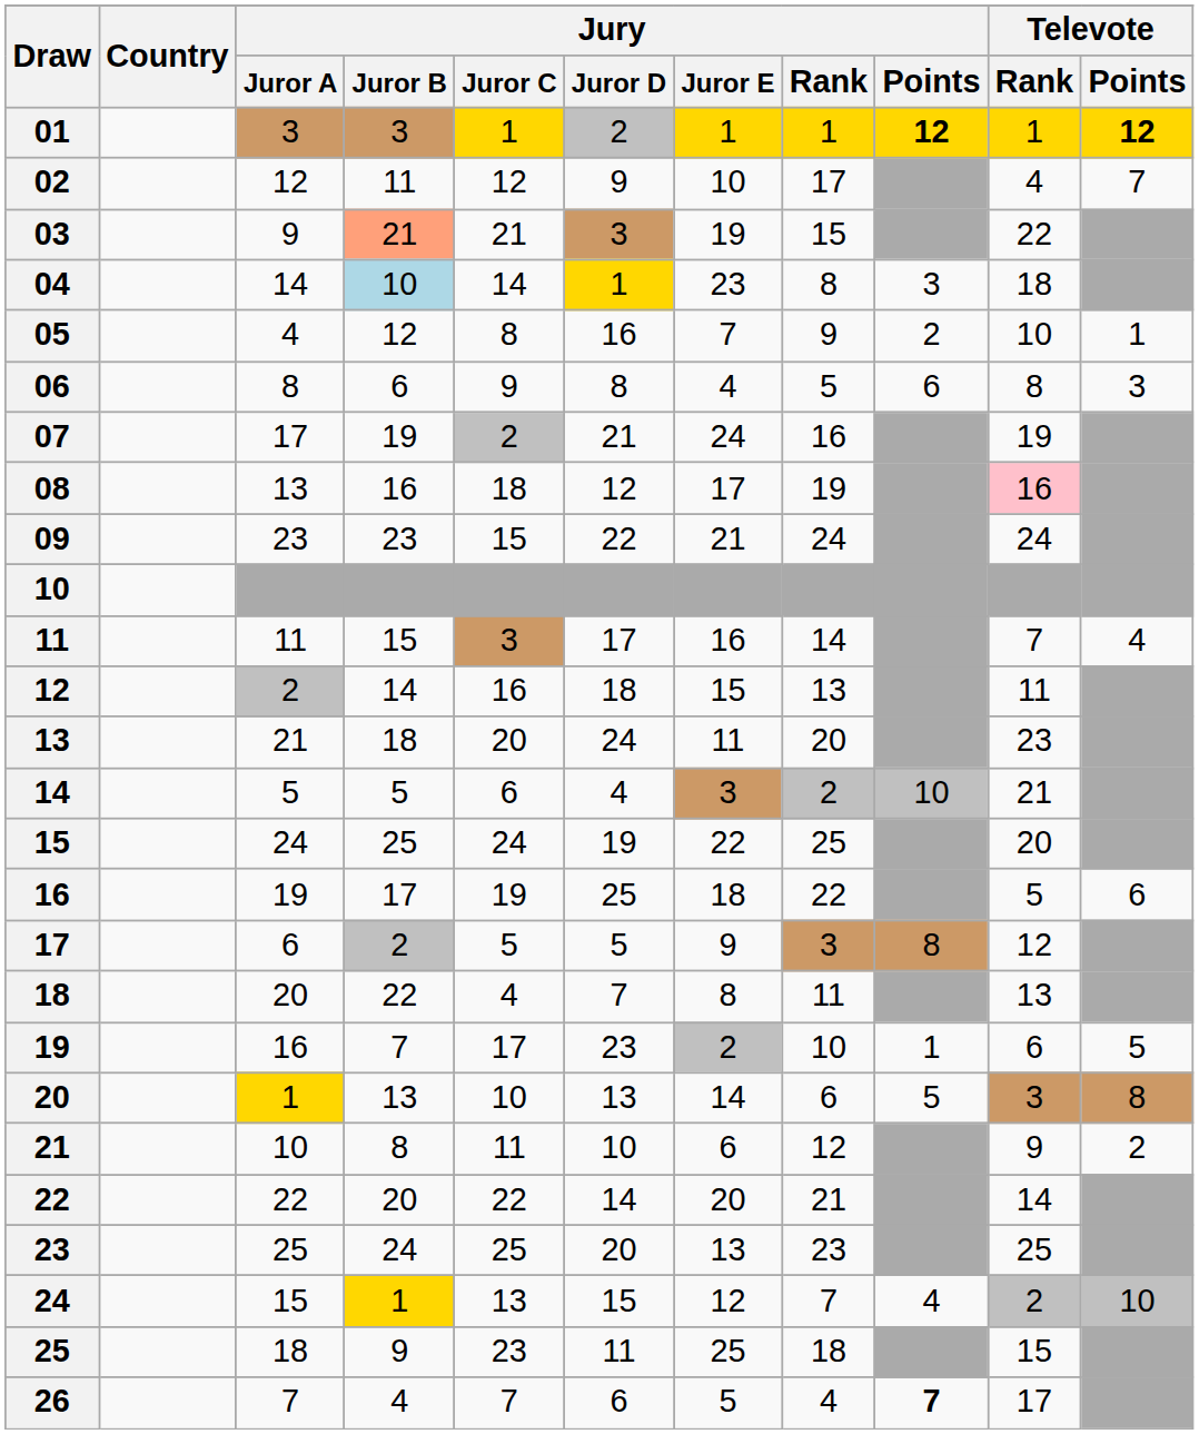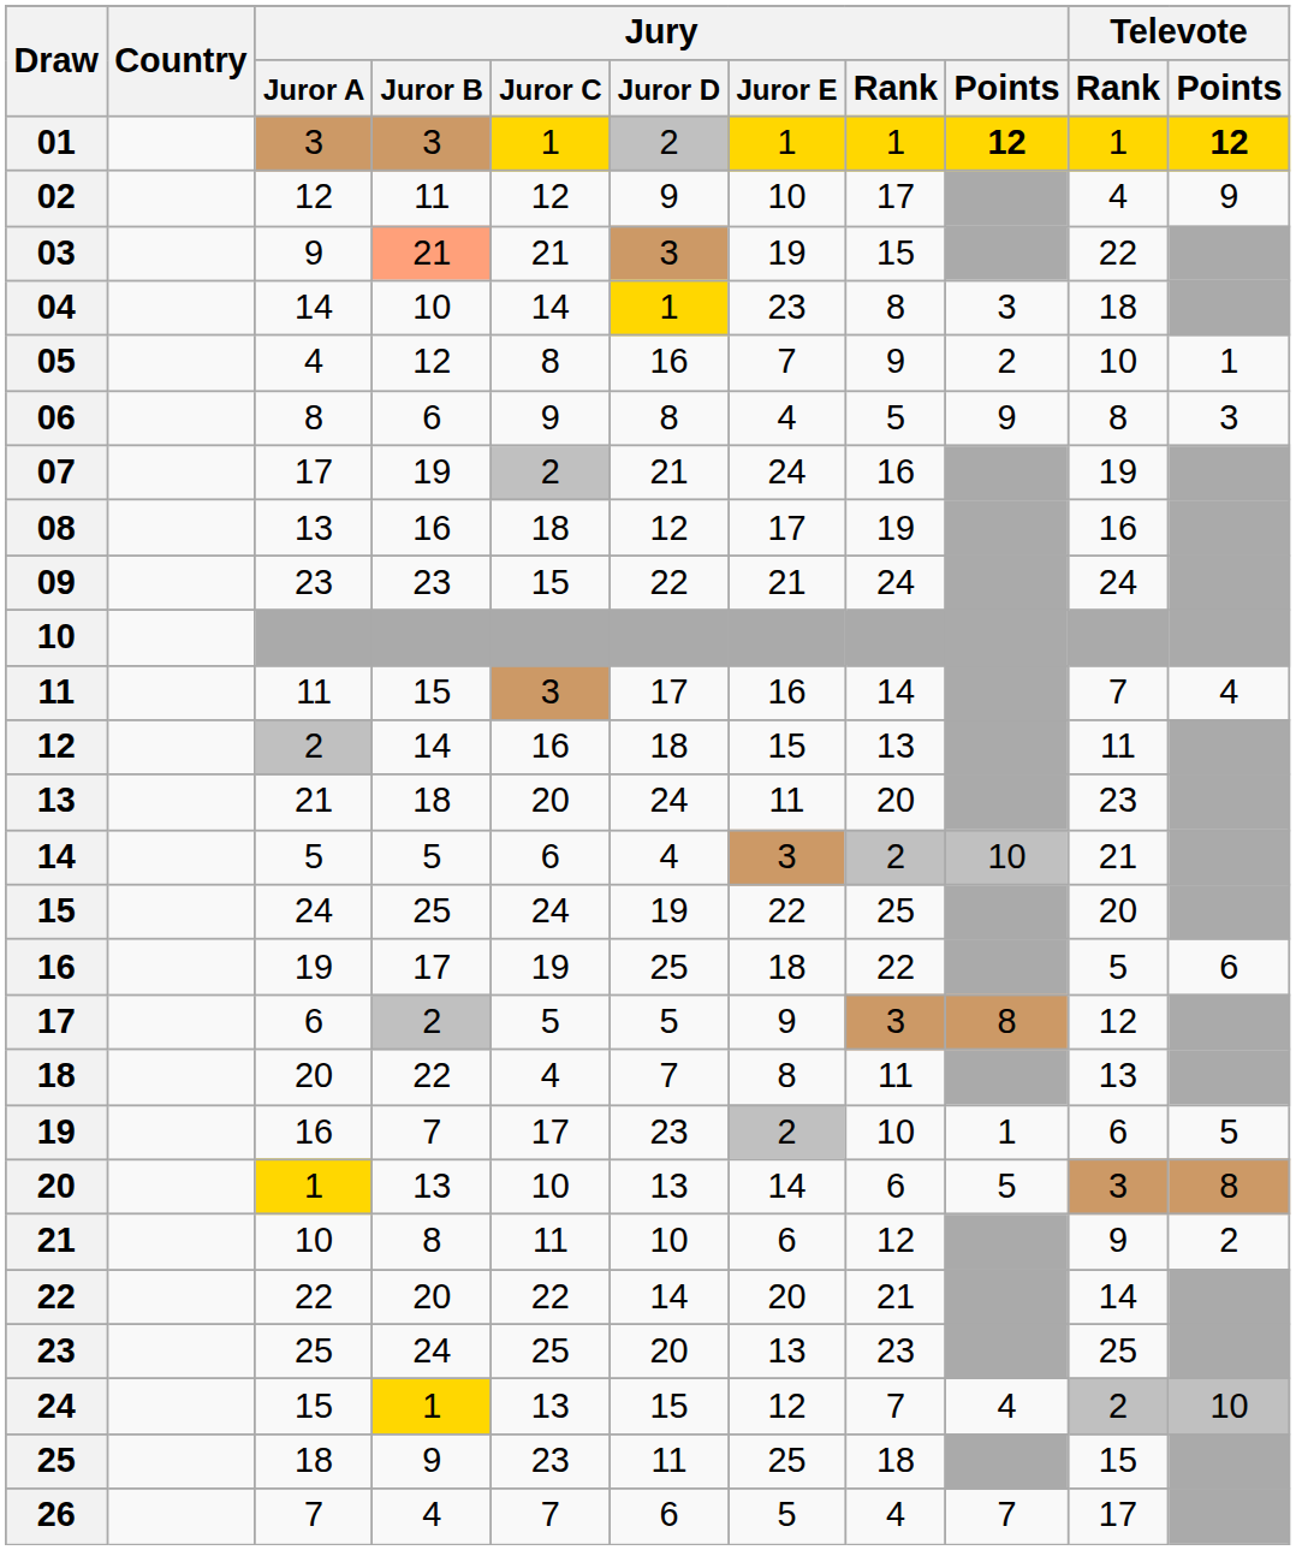 <table class="sortable wikitable collapsible plainrowheaders" style="text-align:center;">
 <tr>
 </tr>
 <tr>
 <th scope="col" rowspan="2">Draw</th>
 <th scope="col" rowspan="2">Country</th>
 <th scope="col" colspan="7">Jury</th>
 <th scope="col" colspan="2">Televote</th>
 </tr>
 <tr>
 <th scope="col"><small>Juror A</small></th>
 <th scope="col"><small>Juror B</small></th>
 <th scope="col"><small>Juror C</small></th>
 <th scope="col"><small>Juror D</small></th>
 <th scope="col"><small>Juror E</small></th>
 <th scope="col">Rank</th>
 <th scope="col">Points</th>
 <th scope="col">Rank</th>
 <th scope="col">Points</th>
 </tr>
 <tr>
 <th scope="row" style="text-align:center;">01</th>
 <td style="text-align:left;"></td>
 <td style="background:#CC9966;">3</td>
 <td style="background:#CC9966;">3</td>
 <td style="background:gold;">1</td>
 <td style="background:silver;">2</td>
 <td style="background:gold;">1</td>
 <td style="background:gold;">1</td>
 <td style="background:gold;"><strong>12</strong></td>
 <td style="background:gold;">1</td>
 <td style="background:gold;"><strong>12</strong></td>
 </tr>
 <tr>
 <th scope="row" style="text-align:center;">02</th>
 <td style="text-align:left;"></td>
 <td>12</td>
 <td>11</td>
 <td>12</td>
 <td>9</td>
 <td>10</td>
 <td>17</td>
 <td style="background:#AAAAAA;"></td>
 <td>4</td>
-<td>7</td>
+<td>9</td>
 </tr>
 <tr>
 <th scope="row" style="text-align:center;">03</th>
 <td style="text-align:left;"></td>
 <td>9</td>
 <td style="background: lightsalmon;">21</td>
 <td>21</td>
 <td style="background:#CC9966;">3</td>
 <td>19</td>
 <td>15</td>
 <td style="background:#AAAAAA;"></td>
 <td>22</td>
 <td style="background:#AAAAAA;"></td>
 </tr>
 <tr>
 <th scope="row" style="text-align:center;">04</th>
 <td style="text-align:left;"></td>
 <td>14</td>
-<td style="background: lightblue;">10</td>
+<td>10</td>
 <td>14</td>
 <td style="background:gold;">1</td>
 <td>23</td>
 <td>8</td>
 <td>3</td>
 <td>18</td>
 <td style="background:#AAAAAA;"></td>
 </tr>
 <tr>
 <th scope="row" style="text-align:center;">05</th>
 <td style="text-align:left;"></td>
 <td>4</td>
 <td>12</td>
 <td>8</td>
 <td>16</td>
 <td>7</td>
 <td>9</td>
 <td>2</td>
 <td>10</td>
 <td>1</td>
 </tr>
 <tr>
 <th scope="row" style="text-align:center;">06</th>
 <td style="text-align:left;"></td>
 <td>8</td>
 <td>6</td>
 <td>9</td>
 <td>8</td>
 <td>4</td>
 <td>5</td>
-<td>6</td>
+<td>9</td>
 <td>8</td>
 <td>3</td>
 </tr>
 <tr>
 <th scope="row" style="text-align:center;">07</th>
 <td style="text-align:left;"></td>
 <td>17</td>
 <td>19</td>
 <td style="background:silver;">2</td>
 <td>21</td>
 <td>24</td>
 <td>16</td>
 <td style="background:#AAAAAA;"></td>
 <td>19</td>
 <td style="background:#AAAAAA;"></td>
 </tr>
 <tr>
 <th scope="row" style="text-align:center;">08</th>
 <td style="text-align:left;"></td>
 <td>13</td>
 <td>16</td>
 <td>18</td>
 <td>12</td>
 <td>17</td>
 <td>19</td>
 <td style="background:#AAAAAA;"></td>
-<td style="background: pink;">16</td>
+<td>16</td>
 <td style="background:#AAAAAA;"></td>
 </tr>
 <tr>
 <th scope="row" style="text-align:center;">09</th>
 <td style="text-align:left;"></td>
 <td>23</td>
 <td>23</td>
 <td>15</td>
 <td>22</td>
 <td>21</td>
 <td>24</td>
 <td style="background:#AAAAAA;"></td>
 <td>24</td>
 <td style="background:#AAAAAA;"></td>
 </tr>
 <tr class="sortbottom">
 <th scope="row" style="text-align:center;">10</th>
 <td style="text-align:left;"></td>
 <td style="background:#AAAAAA;"></td>
 <td style="background:#AAAAAA;"></td>
 <td style="background:#AAAAAA;"></td>
 <td style="background:#AAAAAA;"></td>
 <td style="background:#AAAAAA;"></td>
 <td style="background:#AAAAAA;"></td>
 <td style="background:#AAAAAA;"></td>
 <td style="background:#AAAAAA;"></td>
 <td style="background:#AAAAAA;"></td>
 </tr>
 <tr>
 <th scope="row" style="text-align:center;">11</th>
 <td style="text-align:left;"></td>
 <td>11</td>
 <td>15</td>
 <td style="background:#CC9966;">3</td>
 <td>17</td>
 <td>16</td>
 <td>14</td>
 <td style="background:#AAAAAA;"></td>
 <td>7</td>
 <td>4</td>
 </tr>
 <tr>
 <th scope="row" style="text-align:center;">12</th>
 <td style="text-align:left;"></td>
 <td style="background:silver;">2</td>
 <td>14</td>
 <td>16</td>
 <td>18</td>
 <td>15</td>
 <td>13</td>
 <td style="background:#AAAAAA;"></td>
 <td>11</td>
 <td style="background:#AAAAAA;"></td>
 </tr>
 <tr>
 <th scope="row" style="text-align:center;">13</th>
 <td style="text-align:left;"></td>
 <td>21</td>
 <td>18</td>
 <td>20</td>
 <td>24</td>
 <td>11</td>
 <td>20</td>
 <td style="background:#AAAAAA;"></td>
 <td>23</td>
 <td style="background:#AAAAAA;"></td>
 </tr>
 <tr>
 <th scope="row" style="text-align:center;">14</th>
 <td style="text-align:left;"></td>
 <td>5</td>
 <td>5</td>
 <td>6</td>
 <td>4</td>
 <td style="background:#CC9966;">3</td>
 <td style="background:silver;">2</td>
 <td style="background:silver;">10</td>
 <td>21</td>
 <td style="background:#AAAAAA;"></td>
 </tr>
 <tr>
 <th scope="row" style="text-align:center;">15</th>
 <td style="text-align:left;"></td>
 <td>24</td>
 <td>25</td>
 <td>24</td>
 <td>19</td>
 <td>22</td>
 <td>25</td>
 <td style="background:#AAAAAA;"></td>
 <td>20</td>
 <td style="background:#AAAAAA;"></td>
 </tr>
 <tr>
 <th scope="row" style="text-align:center;">16</th>
 <td style="text-align:left;"></td>
 <td>19</td>
 <td>17</td>
 <td>19</td>
 <td>25</td>
 <td>18</td>
 <td>22</td>
 <td style="background:#AAAAAA;"></td>
 <td>5</td>
 <td>6</td>
 </tr>
 <tr>
 <th scope="row" style="text-align:center;">17</th>
 <td style="text-align:left;"></td>
 <td>6</td>
 <td style="background:silver;">2</td>
 <td>5</td>
 <td>5</td>
 <td>9</td>
 <td style="background:#CC9966;">3</td>
 <td style="background:#CC9966;">8</td>
 <td>12</td>
 <td style="background:#AAAAAA;"></td>
 </tr>
 <tr>
 <th scope="row" style="text-align:center;">18</th>
 <td style="text-align:left;"></td>
 <td>20</td>
 <td>22</td>
 <td>4</td>
 <td>7</td>
 <td>8</td>
 <td>11</td>
 <td style="background:#AAAAAA;"></td>
 <td>13</td>
 <td style="background:#AAAAAA;"></td>
 </tr>
 <tr>
 <th scope="row" style="text-align:center;">19</th>
 <td style="text-align:left;"></td>
 <td>16</td>
 <td>7</td>
 <td>17</td>
 <td>23</td>
 <td style="background:silver;">2</td>
 <td>10</td>
 <td>1</td>
 <td>6</td>
 <td>5</td>
 </tr>
 <tr>
 <th scope="row" style="text-align:center;">20</th>
 <td style="text-align:left;"></td>
 <td style="background:gold;">1</td>
 <td>13</td>
 <td>10</td>
 <td>13</td>
 <td>14</td>
 <td>6</td>
 <td>5</td>
 <td style="background:#CC9966;">3</td>
 <td style="background:#CC9966;">8</td>
 </tr>
 <tr>
 <th scope="row" style="text-align:center;">21</th>
 <td style="text-align:left;"></td>
 <td>10</td>
 <td>8</td>
 <td>11</td>
 <td>10</td>
 <td>6</td>
 <td>12</td>
 <td style="background:#AAAAAA;"></td>
 <td>9</td>
 <td>2</td>
 </tr>
 <tr>
 <th scope="row" style="text-align:center;">22</th>
 <td style="text-align:left;"></td>
 <td>22</td>
 <td>20</td>
 <td>22</td>
 <td>14</td>
 <td>20</td>
 <td>21</td>
 <td style="background:#AAAAAA;"></td>
 <td>14</td>
 <td style="background:#AAAAAA;"></td>
 </tr>
 <tr>
 <th scope="row" style="text-align:center;">23</th>
 <td style="text-align:left;"></td>
 <td>25</td>
 <td>24</td>
 <td>25</td>
 <td>20</td>
 <td>13</td>
 <td>23</td>
 <td style="background:#AAAAAA;"></td>
 <td>25</td>
 <td style="background:#AAAAAA;"></td>
 </tr>
 <tr>
 <th scope="row" style="text-align:center;">24</th>
 <td style="text-align:left;"></td>
 <td>15</td>
 <td style="background:gold;">1</td>
 <td>13</td>
 <td>15</td>
 <td>12</td>
 <td>7</td>
 <td>4</td>
 <td style="background:silver;">2</td>
 <td style="background:silver;">10</td>
 </tr>
 <tr>
 <th scope="row" style="text-align:center;">25</th>
 <td style="text-align:left;"></td>
 <td>18</td>
 <td>9</td>
 <td>23</td>
 <td>11</td>
 <td>25</td>
 <td>18</td>
 <td style="background:#AAAAAA;"></td>
 <td>15</td>
 <td style="background:#AAAAAA;"></td>
 </tr>
 <tr>
 <th scope="row" style="text-align:center;">26</th>
 <td style="text-align:left;"></td>
 <td>7</td>
 <td>4</td>
 <td>7</td>
 <td>6</td>
 <td>5</td>
 <td>4</td>
-<td><strong>7</strong></td>
+<td>7</td>
 <td>17</td>
 <td style="background:#AAAAAA;"></td>
 </tr>
 </table>
